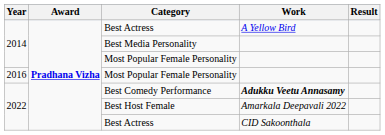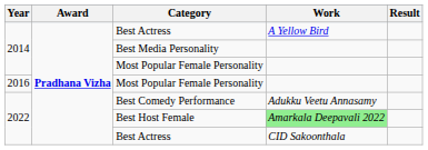 <table class="wikitable sortable">
 <tr style="background:#b0c4de; text-align:center;">
 <th>Year</th>
 <th>Award</th>
 <th>Category</th>
 <th>Work</th>
 <th>Result</th>
 </tr>
 <tr>
 <td rowspan="3">2014</td>
 <td rowspan="7"><strong><a href='#'>Pradhana Vizha</a></strong></td>
 <td>Best Actress</td>
 <td><em><a href='#'>A Yellow Bird</a></em></td>
 <td></td>
 </tr>
 <tr>
 <td>Best Media Personality</td>
 <td></td>
 <td></td>
 </tr>
 <tr>
 <td>Most Popular Female Personality</td>
 <td></td>
 <td></td>
 </tr>
 <tr>
 <td>2016</td>
 <td>Most Popular Female Personality</td>
 <td></td>
 <td></td>
 </tr>
 <tr>
 <td rowspan="3">2022</td>
 <td>Best Comedy Performance</td>
-<td><strong><em>Adukku Veetu Annasamy</em></strong></td>
+<td><em>Adukku Veetu Annasamy</em></td>
 <td></td>
 </tr>
 <tr>
 <td>Best Host Female</td>
-<td><em>Amarkala Deepavali 2022</em></td>
+<td style="background: lightgreen;"><em>Amarkala Deepavali 2022</em></td>
 <td></td>
 </tr>
 <tr>
 <td>Best Actress</td>
 <td><em>CID Sakoonthala</em></td>
 <td></td>
 </tr>
 </table>
